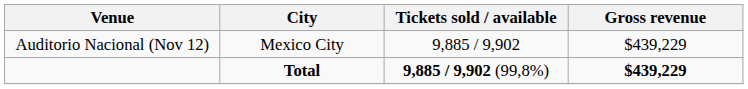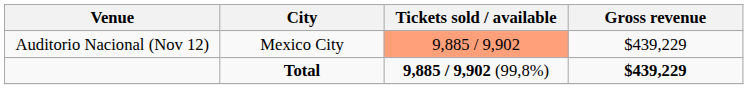 <table class="wikitable">
 <tr>
 <th width="200" rowspan="1">Venue</th>
 <th width="150" rowspan="1">City</th>
 <th width="170" rowspan="1">Tickets sold / available</th>
 <th width="160" rowspan="1">Gross revenue</th>
 </tr>
 <tr>
 <td align="center">Auditorio Nacional (Nov 12)</td>
 <td align="center">Mexico City</td>
-<td align="center">9,885 / 9,902</td>
+<td align="center" style="background: lightsalmon;">9,885 / 9,902</td>
 <td align="center">$439,229</td>
 </tr>
 <tr>
 <td align="center"></td>
 <td align="center"><strong>Total</strong></td>
 <td align="center"><strong>9,885 / 9,902</strong> (99,8%)</td>
 <td align="center"><strong>$439,229</strong></td>
 </tr>
 <tr>
 </tr>
 </table>
